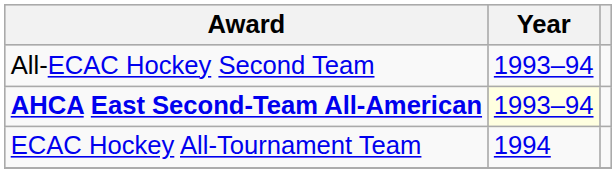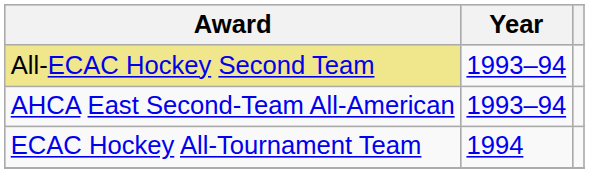 <table class="wikitable">
 <tr>
 <th>Award</th>
 <th>Year</th>
 <th></th>
 </tr>
 <tr>
-<td>All-<a href='#'>ECAC Hockey</a> <a href='#'>Second Team</a></td>
+<td style="background: khaki;">All-<a href='#'>ECAC Hockey</a> <a href='#'>Second Team</a></td>
 <td><a href='#'>1993–94</a></td>
 <td></td>
 </tr>
 <tr>
-<td><strong><a href='#'>AHCA</a> <a href='#'>East Second-Team All-American</a></strong></td>
-<td style="background: lightyellow;"><a href='#'>1993–94</a></td>
+<td><a href='#'>AHCA</a> <a href='#'>East Second-Team All-American</a></td>
+<td><a href='#'>1993–94</a></td>
 <td></td>
 </tr>
 <tr>
 <td><a href='#'>ECAC Hockey</a> <a href='#'>All-Tournament Team</a></td>
 <td><a href='#'>1994</a></td>
 <td></td>
 </tr>
 <tr>
 </tr>
 </table>
